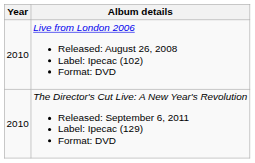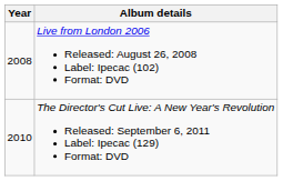 <table class="wikitable">
 <tr>
 <th>Year</th>
 <th>Album details</th>
 </tr>
 <tr>
-<td>2010</td>
+<td>2008</td>
 <td style="text-align:left;"><em><a href='#'>Live from London 2006</a></em><br><ul><li>Released: August 26, 2008</li><li>Label: Ipecac (102)</li><li>Format: DVD</li></ul></td>
 </tr>
 <tr>
 <td>2010</td>
 <td style="text-align:left;"><em>The Director's Cut Live: A New Year's Revolution</em><br><ul><li>Released: September 6, 2011</li><li>Label: Ipecac (129)</li><li>Format: DVD</li></ul></td>
 </tr>
 </table>
